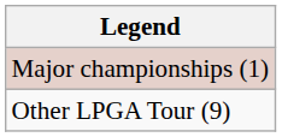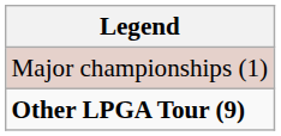 <table class="wikitable" style="font-size:95%;">
 <tr>
 <th>Legend</th>
 </tr>
 <tr style="background:#e5d1cb;">
 <td>Major championships (1)</td>
 </tr>
 <tr>
-<td>Other LPGA Tour (9)</td>
+<td><strong>Other LPGA Tour (9)</strong></td>
 </tr>
 </table>
